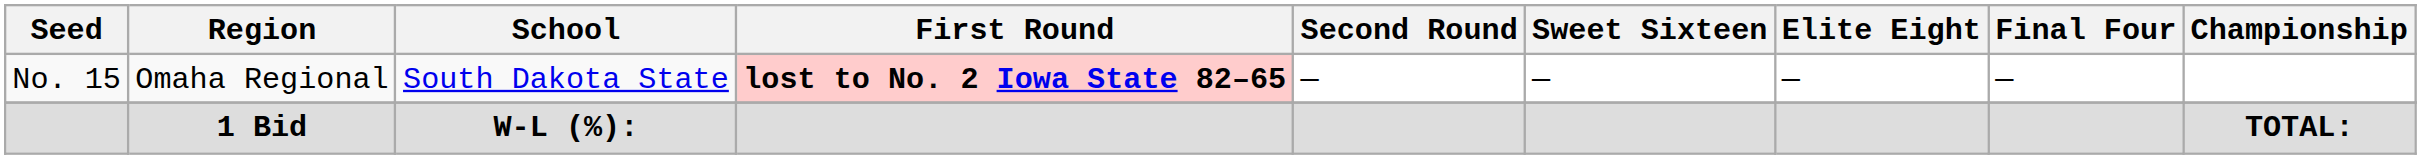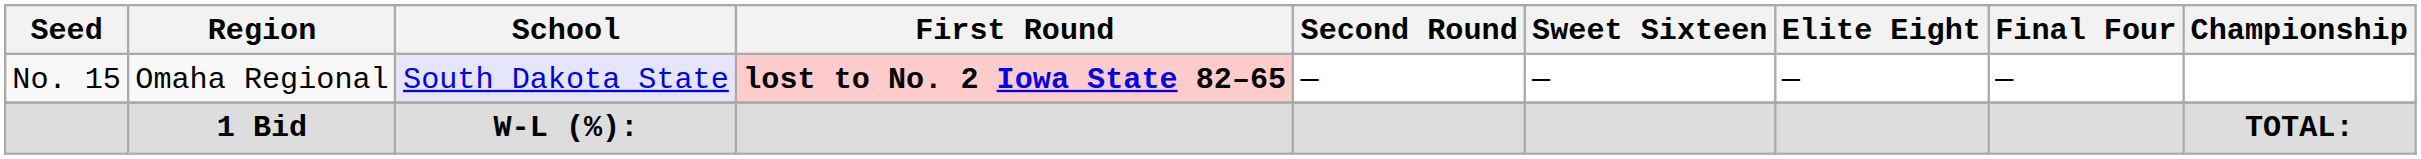 <table class="sortable wikitable" style="white-space:nowrap; font-size:100%;">
 <tr>
 <th>Seed</th>
 <th>Region</th>
 <th>School</th>
 <th>First Round</th>
 <th>Second Round</th>
 <th>Sweet Sixteen</th>
 <th>Elite Eight</th>
 <th>Final Four</th>
 <th>Championship</th>
 </tr>
 <tr>
 <td>No. 15</td>
 <td>Omaha Regional</td>
-<td><a href='#'>South Dakota State</a></td>
+<td style="background: lavender;"><a href='#'>South Dakota State</a></td>
 <td style="background:#fcc;"><strong>lost to No. 2 <a href='#'>Iowa State</a> 82–65</strong></td>
 <td style="background:#fff;">—</td>
 <td style="background:#fff;">—</td>
 <td style="background:#fff;">—</td>
 <td style="background:#fff;">—</td>
 <td style="background:#fff;"></td>
 </tr>
 <tr>
 </tr>
 <tr class="sortbottom" style="text-align:center; background:#ddd;">
 <td></td>
 <td><strong>1 Bid</strong></td>
 <td><strong>W-L (%):</strong></td>
 <td></td>
 <td></td>
 <td></td>
 <td></td>
 <td></td>
 <td><strong>TOTAL:</strong> </td>
 </tr>
 </table>
